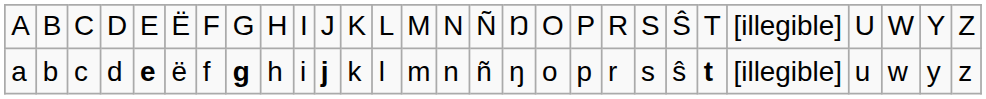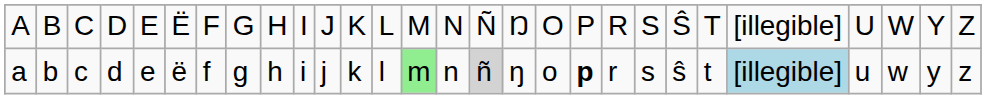 <table class="wikitable">
 <tr>
 <td>A</td>
 <td>B</td>
 <td>C</td>
 <td>D</td>
 <td>E</td>
 <td>Ë</td>
 <td>F</td>
 <td>G</td>
 <td>H</td>
 <td>I</td>
 <td>J</td>
 <td>K</td>
 <td>L</td>
 <td>M</td>
 <td>N</td>
 <td>Ñ</td>
 <td>Ŋ</td>
 <td>O</td>
 <td>P</td>
 <td>R</td>
 <td>S</td>
 <td>Ŝ</td>
 <td>T</td>
 <td>[illegible]</td>
 <td>U</td>
 <td>W</td>
 <td>Y</td>
 <td>Z</td>
 </tr>
 <tr>
 <td>a</td>
 <td>b</td>
 <td>c</td>
 <td>d</td>
-<td><strong>e</strong></td>
+<td>e</td>
 <td>ë</td>
 <td>f</td>
-<td><strong>g</strong></td>
+<td>g</td>
 <td>h</td>
 <td>i</td>
-<td><strong>j</strong></td>
+<td>j</td>
 <td>k</td>
 <td>l</td>
-<td>m</td>
+<td style="background: lightgreen;">m</td>
 <td>n</td>
-<td>ñ</td>
+<td style="background: lightgrey;">ñ</td>
 <td>ŋ</td>
 <td>o</td>
-<td>p</td>
+<td><strong>p</strong></td>
 <td>r</td>
 <td>s</td>
 <td>ŝ</td>
-<td><strong>t</strong></td>
-<td>[illegible]</td>
+<td>t</td>
+<td style="background: lightblue;">[illegible]</td>
 <td>u</td>
 <td>w</td>
 <td>y</td>
 <td>z</td>
 </tr>
 </table>
